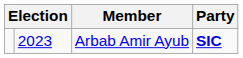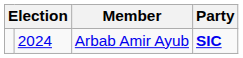 <table class="wikitable">
 <tr>
 <th colspan="2">Election</th>
 <th>Member</th>
 <th>Party</th>
 </tr>
 <tr>
 <td style="background-color: "></td>
-<td><a href='#'>2023</a></td>
+<td><a href='#'>2024</a></td>
 <td><a href='#'>Arbab Amir Ayub</a></td>
 <td><strong><a href='#'>SIC</a></strong></td>
 </tr>
 </table>
